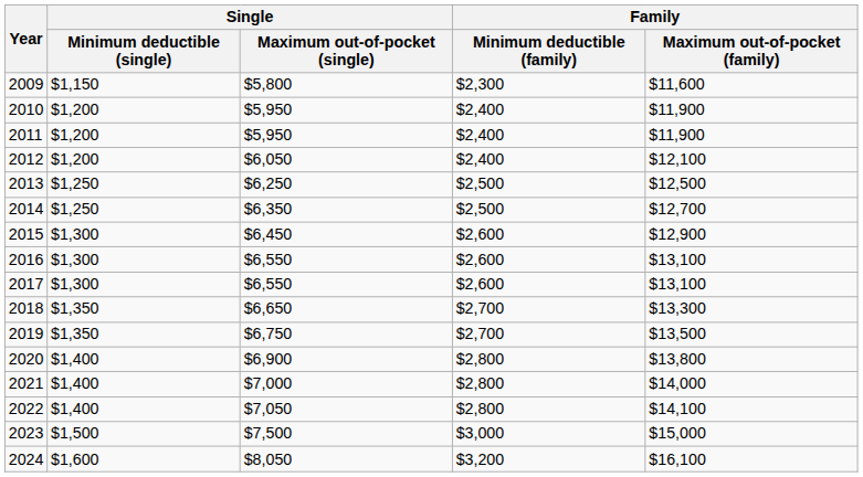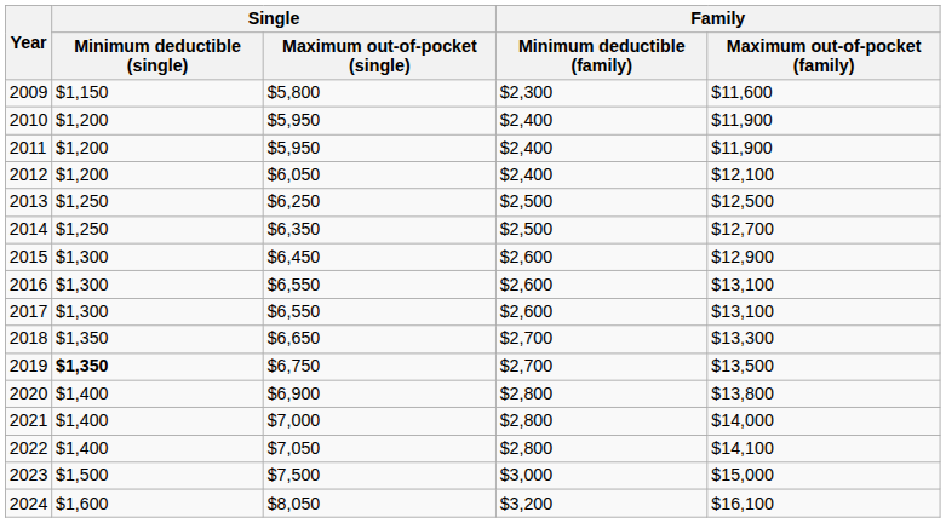 <table class="wikitable">
 <tr>
 <th rowspan="2">Year</th>
 <th colspan="2">Single</th>
 <th colspan="2">Family</th>
 </tr>
 <tr>
 <th>Minimum deductible (single)</th>
 <th>Maximum out-of-pocket (single)</th>
 <th>Minimum deductible (family)</th>
 <th>Maximum out-of-pocket (family)</th>
 </tr>
 <tr>
 <td>2009</td>
 <td>$1,150</td>
 <td>$5,800</td>
 <td>$2,300</td>
 <td>$11,600</td>
 </tr>
 <tr>
 <td>2010</td>
 <td>$1,200</td>
 <td>$5,950</td>
 <td>$2,400</td>
 <td>$11,900</td>
 </tr>
 <tr>
 <td>2011</td>
 <td>$1,200</td>
 <td>$5,950</td>
 <td>$2,400</td>
 <td>$11,900</td>
 </tr>
 <tr>
 <td>2012</td>
 <td>$1,200</td>
 <td>$6,050</td>
 <td>$2,400</td>
 <td>$12,100</td>
 </tr>
 <tr>
 <td>2013</td>
 <td>$1,250</td>
 <td>$6,250</td>
 <td>$2,500</td>
 <td>$12,500</td>
 </tr>
 <tr>
 <td>2014</td>
 <td>$1,250</td>
 <td>$6,350</td>
 <td>$2,500</td>
 <td>$12,700</td>
 </tr>
 <tr>
 <td>2015</td>
 <td>$1,300</td>
 <td>$6,450</td>
 <td>$2,600</td>
 <td>$12,900</td>
 </tr>
 <tr>
 <td>2016</td>
 <td>$1,300</td>
 <td>$6,550</td>
 <td>$2,600</td>
 <td>$13,100</td>
 </tr>
 <tr>
 <td>2017</td>
 <td>$1,300</td>
 <td>$6,550</td>
 <td>$2,600</td>
 <td>$13,100</td>
 </tr>
 <tr>
 <td>2018</td>
 <td>$1,350</td>
 <td>$6,650</td>
 <td>$2,700</td>
 <td>$13,300</td>
 </tr>
 <tr>
 <td>2019</td>
-<td>$1,350</td>
+<td><strong>$1,350</strong></td>
 <td>$6,750</td>
 <td>$2,700</td>
 <td>$13,500</td>
 </tr>
 <tr>
 <td>2020</td>
 <td>$1,400</td>
 <td>$6,900</td>
 <td>$2,800</td>
 <td>$13,800</td>
 </tr>
 <tr>
 <td>2021</td>
 <td>$1,400</td>
 <td>$7,000</td>
 <td>$2,800</td>
 <td>$14,000</td>
 </tr>
 <tr>
 <td>2022</td>
 <td>$1,400</td>
 <td>$7,050</td>
 <td>$2,800</td>
 <td>$14,100</td>
 </tr>
 <tr>
 <td>2023</td>
 <td>$1,500</td>
 <td>$7,500</td>
 <td>$3,000</td>
 <td>$15,000</td>
 </tr>
 <tr>
 <td>2024</td>
 <td>$1,600</td>
 <td>$8,050</td>
 <td>$3,200</td>
 <td>$16,100</td>
 </tr>
 </table>
